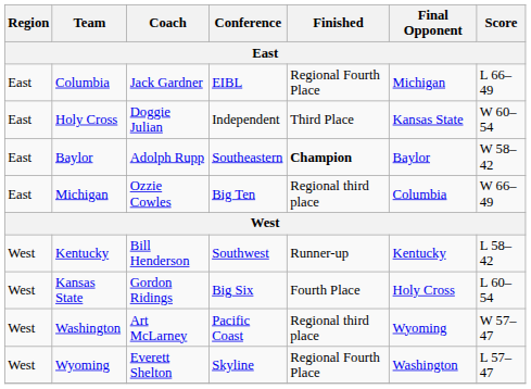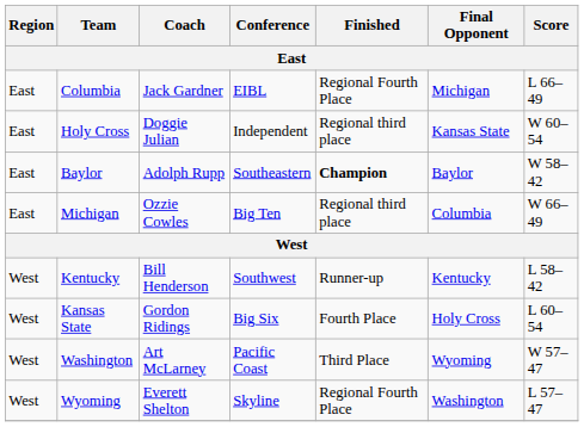 <table class=wikitable>
 <tr>
 <th>Region</th>
 <th>Team</th>
 <th>Coach</th>
 <th>Conference</th>
 <th>Finished</th>
 <th>Final Opponent</th>
 <th>Score</th>
 </tr>
 <tr>
 <th colspan=7>East</th>
 </tr>
 <tr>
 <td>East</td>
 <td><a href='#'>Columbia</a></td>
 <td><a href='#'>Jack Gardner</a></td>
 <td><a href='#'>EIBL</a></td>
 <td>Regional Fourth Place</td>
 <td><a href='#'>Michigan</a></td>
 <td>L 66–49</td>
 </tr>
 <tr>
 <td>East</td>
 <td><a href='#'>Holy Cross</a></td>
 <td><a href='#'>Doggie Julian</a></td>
 <td>Independent</td>
-<td>Third Place</td>
+<td>Regional third place</td>
 <td><a href='#'>Kansas State</a></td>
 <td>W 60–54</td>
 </tr>
 <tr>
 <td>East</td>
 <td><a href='#'>Baylor</a></td>
 <td><a href='#'>Adolph Rupp</a></td>
 <td><a href='#'>Southeastern</a></td>
 <td><strong>Champion</strong></td>
 <td><a href='#'>Baylor</a></td>
 <td>W 58–42</td>
 </tr>
 <tr>
 <td>East</td>
 <td><a href='#'>Michigan</a></td>
 <td><a href='#'>Ozzie Cowles</a></td>
 <td><a href='#'>Big Ten</a></td>
 <td>Regional third place</td>
 <td><a href='#'>Columbia</a></td>
 <td>W 66–49</td>
 </tr>
 <tr>
 <th colspan=7>West</th>
 </tr>
 <tr>
 <td>West</td>
 <td><a href='#'>Kentucky</a></td>
 <td><a href='#'>Bill Henderson</a></td>
 <td><a href='#'>Southwest</a></td>
 <td>Runner-up</td>
 <td><a href='#'>Kentucky</a></td>
 <td>L 58–42</td>
 </tr>
 <tr>
 <td>West</td>
 <td><a href='#'>Kansas State</a></td>
 <td><a href='#'>Gordon Ridings</a></td>
 <td><a href='#'>Big Six</a></td>
 <td>Fourth Place</td>
 <td><a href='#'>Holy Cross</a></td>
 <td>L 60–54</td>
 </tr>
 <tr>
 <td>West</td>
 <td><a href='#'>Washington</a></td>
 <td><a href='#'>Art McLarney</a></td>
 <td><a href='#'>Pacific Coast</a></td>
-<td>Regional third place</td>
+<td>Third Place</td>
 <td><a href='#'>Wyoming</a></td>
 <td>W 57–47</td>
 </tr>
 <tr>
 <td>West</td>
 <td><a href='#'>Wyoming</a></td>
 <td><a href='#'>Everett Shelton</a></td>
 <td><a href='#'>Skyline</a></td>
 <td>Regional Fourth Place</td>
 <td><a href='#'>Washington</a></td>
 <td>L 57–47</td>
 </tr>
 <tr>
 </tr>
 </table>
